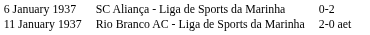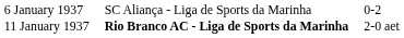 <table Border=0 cellspacing=0>
 <tr>
 <td>6 January 1937</td>
 <td rowspan=3 style=width:15px> </td>
 <td>SC Aliança - Liga de Sports da Marinha</td>
 <td rowspan=3 style=width:15px> </td>
 <td>0-2</td>
 </tr>
 <tr>
 <td>11 January 1937</td>
-<td>Rio Branco AC - Liga de Sports da Marinha</td>
+<td><strong>Rio Branco AC - Liga de Sports da Marinha</strong></td>
 <td>2-0 aet</td>
 </tr>
 </table>
